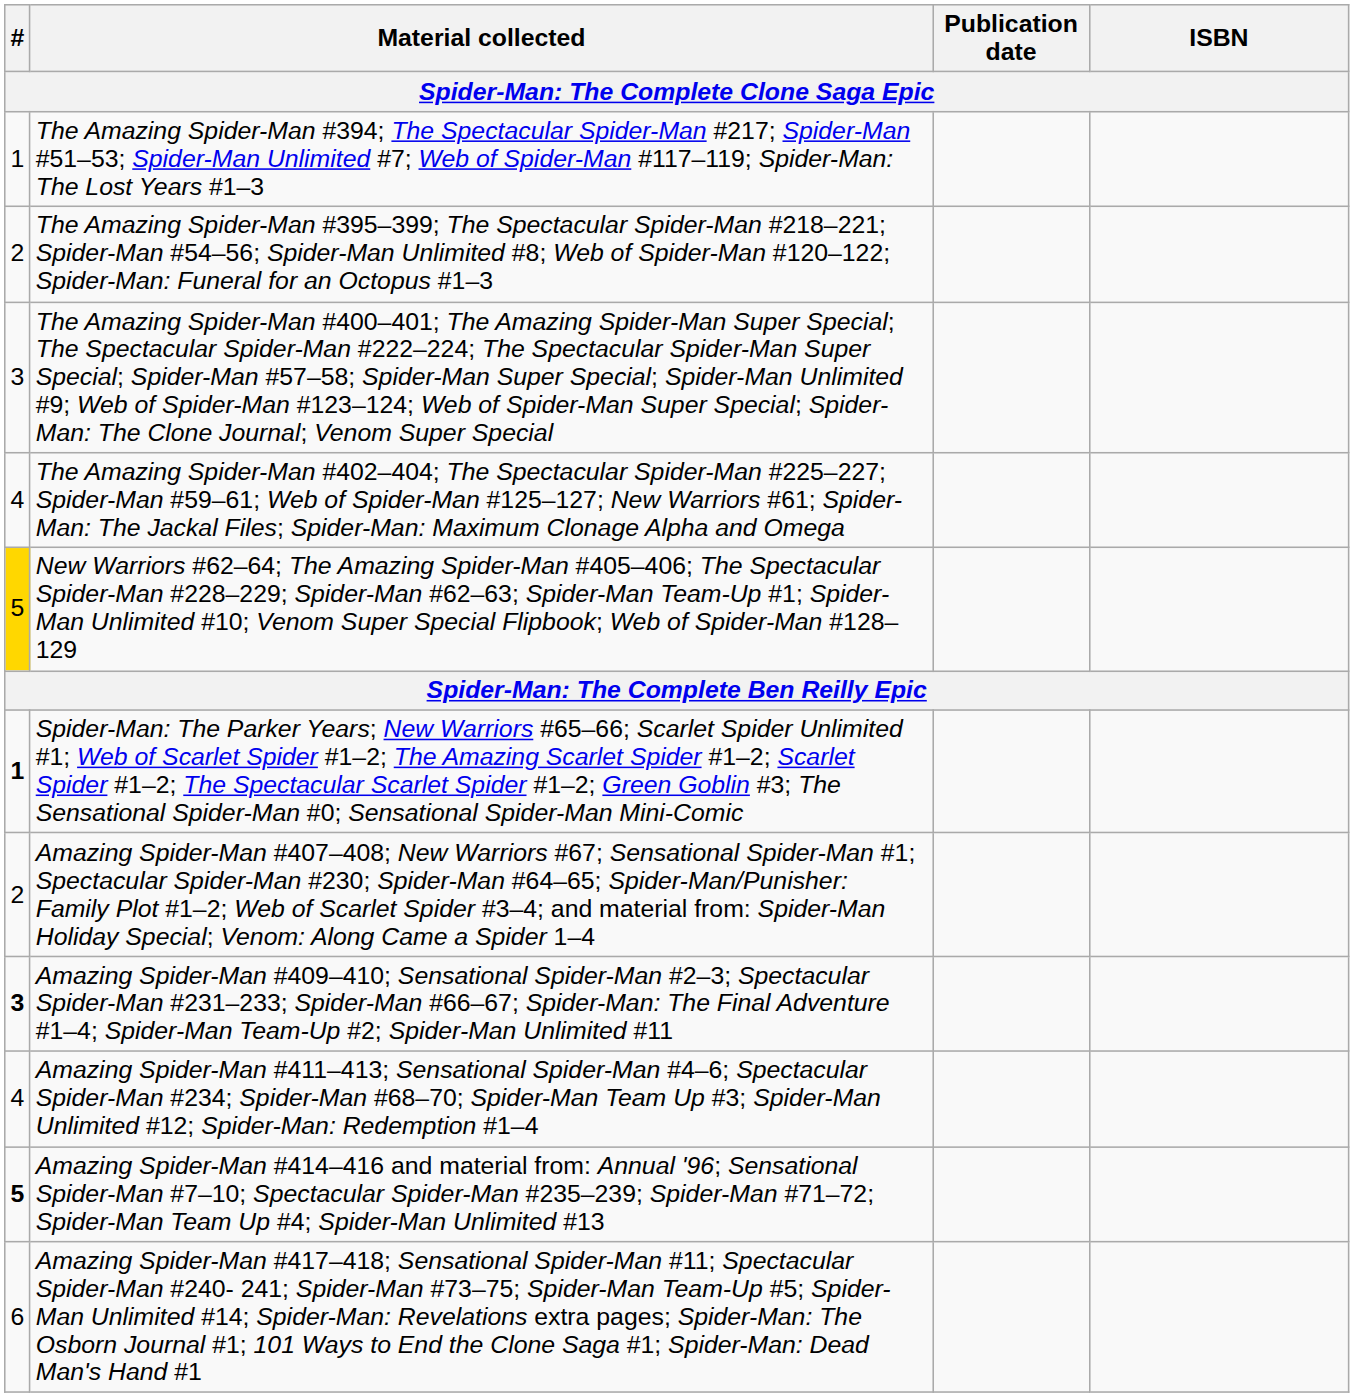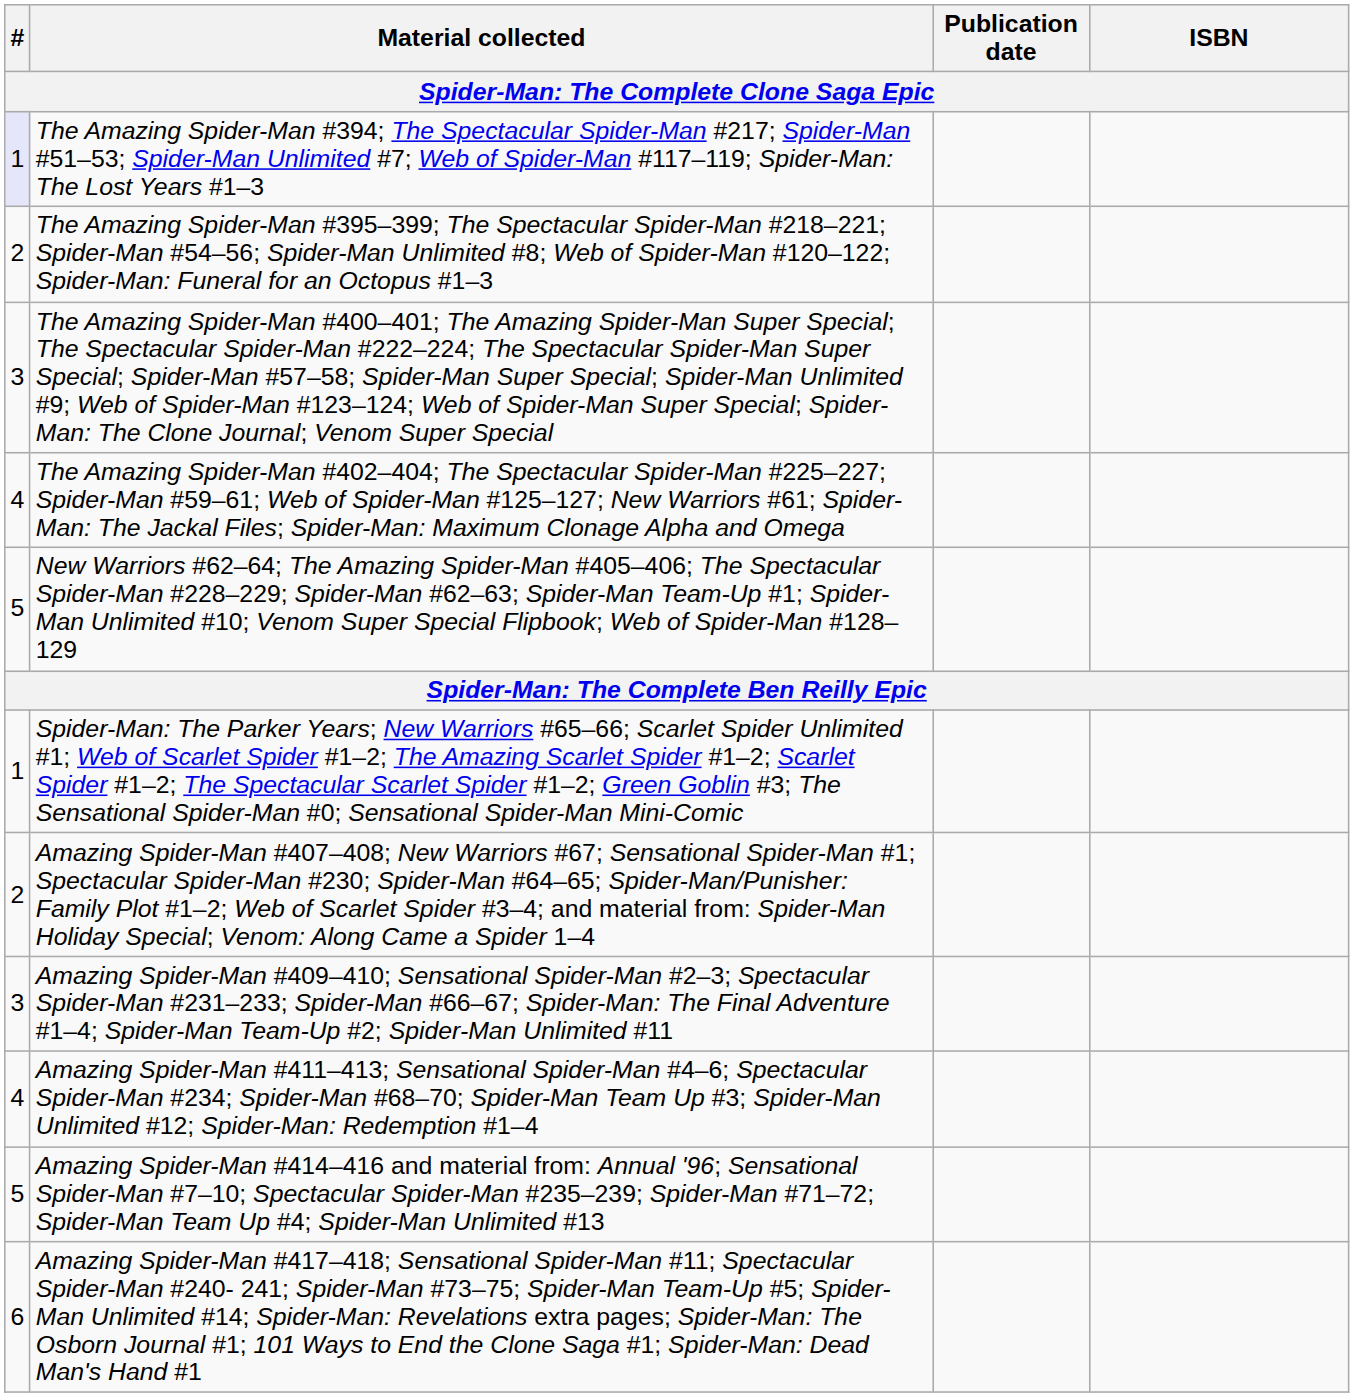 <table class="wikitable sortable">
 <tr>
 <th>#</th>
 <th class="unsortable">Material collected</th>
 <th>Publication date</th>
 <th style="width: 10em;" class="unsortable">ISBN</th>
 </tr>
 <tr>
 <th colspan="4"><strong><em><a href='#'>Spider-Man: The Complete Clone Saga Epic</a></em></strong></th>
 </tr>
 <tr>
-<td>1</td>
+<td style="background: lavender;">1</td>
 <td><em>The Amazing Spider-Man</em> #394; <em><a href='#'>The Spectacular Spider-Man</a></em> #217; <em><a href='#'>Spider-Man</a></em> #51–53; <em><a href='#'>Spider-Man Unlimited</a></em> #7; <em><a href='#'>Web of Spider-Man</a></em> #117–119; <em>Spider-Man: The Lost Years</em> #1–3</td>
 <td></td>
 <td></td>
 </tr>
 <tr>
 <td>2</td>
 <td><em>The Amazing Spider-Man</em> #395–399; <em>The Spectacular Spider-Man</em> #218–221; <em>Spider-Man</em> #54–56; <em>Spider-Man Unlimited</em> #8; <em>Web of Spider-Man</em> #120–122; <em>Spider-Man: Funeral for an Octopus</em> #1–3</td>
 <td></td>
 <td></td>
 </tr>
 <tr>
 <td>3</td>
 <td><em>The Amazing Spider-Man</em> #400–401; <em>The Amazing Spider-Man Super Special</em>; <em>The Spectacular Spider-Man</em> #222–224; <em>The Spectacular Spider-Man Super Special</em>; <em>Spider-Man</em> #57–58; <em>Spider-Man Super Special</em>; <em>Spider-Man Unlimited</em> #9; <em>Web of Spider-Man</em> #123–124; <em>Web of Spider-Man Super Special</em>; <em>Spider-Man: The Clone Journal</em>; <em>Venom Super Special</em></td>
 <td></td>
 <td></td>
 </tr>
 <tr>
 <td>4</td>
 <td><em>The Amazing Spider-Man</em> #402–404; <em>The Spectacular Spider-Man</em> #225–227; <em>Spider-Man</em> #59–61; <em>Web of Spider-Man</em> #125–127; <em>New Warriors</em> #61; <em>Spider-Man: The Jackal Files</em>; <em>Spider-Man: Maximum Clonage Alpha and Omega</em></td>
 <td></td>
 <td></td>
 </tr>
 <tr>
-<td style="background: gold;">5</td>
+<td>5</td>
 <td><em>New Warriors</em> #62–64; <em>The Amazing Spider-Man</em> #405–406; <em>The Spectacular Spider-Man</em> #228–229; <em>Spider-Man</em> #62–63; <em>Spider-Man Team-Up</em> #1; <em>Spider-Man Unlimited</em> #10; <em>Venom Super Special Flipbook</em>; <em>Web of Spider-Man</em> #128–129</td>
 <td></td>
 <td></td>
 </tr>
 <tr>
 <th colspan="4"><strong><em><a href='#'>Spider-Man: The Complete Ben Reilly Epic</a></em></strong></th>
 </tr>
 <tr>
-<td><strong>1</strong></td>
+<td>1</td>
 <td><em>Spider-Man: The Parker Years</em>; <em><a href='#'>New Warriors</a></em> #65–66; <em>Scarlet Spider Unlimited</em> #1; <em><a href='#'>Web of Scarlet Spider</a></em> #1–2; <em><a href='#'>The Amazing Scarlet Spider</a></em> #1–2; <em><a href='#'>Scarlet Spider</a></em> #1–2; <em><a href='#'>The Spectacular Scarlet Spider</a></em> #1–2; <em><a href='#'>Green Goblin</a></em> #3; <em>The Sensational Spider-Man</em> #0; <em>Sensational Spider-Man Mini-Comic</em></td>
 <td></td>
 <td></td>
 </tr>
 <tr>
 <td>2</td>
 <td><em>Amazing Spider-Man</em> #407–408; <em>New Warriors</em> #67; <em>Sensational Spider-Man</em> #1; <em>Spectacular Spider-Man</em> #230; <em>Spider-Man</em> #64–65; <em>Spider-Man/Punisher: Family Plot</em> #1–2; <em>Web of Scarlet Spider</em> #3–4; and material from: <em>Spider-Man Holiday Special</em>; <em>Venom: Along Came a Spider</em> 1–4</td>
 <td></td>
 <td></td>
 </tr>
 <tr>
-<td><strong>3</strong></td>
+<td>3</td>
 <td><em>Amazing Spider-Man</em> #409–410; <em>Sensational Spider-Man</em> #2–3; <em>Spectacular Spider-Man</em> #231–233; <em>Spider-Man</em> #66–67; <em>Spider-Man: The Final Adventure</em> #1–4; <em>Spider-Man Team-Up</em> #2; <em>Spider-Man Unlimited</em> #11</td>
 <td></td>
 <td></td>
 </tr>
 <tr>
 <td>4</td>
 <td><em>Amazing Spider-Man</em> #411–413; <em>Sensational Spider-Man</em> #4–6; <em>Spectacular Spider-Man</em> #234; <em>Spider-Man</em> #68–70; <em>Spider-Man Team Up</em> #3; <em>Spider-Man Unlimited</em> #12; <em>Spider-Man: Redemption</em> #1–4</td>
 <td></td>
 <td></td>
 </tr>
 <tr>
-<td><strong>5</strong></td>
+<td>5</td>
 <td><em>Amazing Spider-Man</em> #414–416 and material from: <em>Annual '96</em>; <em>Sensational Spider-Man</em> #7–10; <em>Spectacular Spider-Man</em> #235–239; <em>Spider-Man</em> #71–72; <em>Spider-Man Team Up</em> #4; <em>Spider-Man Unlimited</em> #13</td>
 <td></td>
 <td></td>
 </tr>
 <tr>
 <td>6</td>
 <td><em>Amazing Spider-Man</em> #417–418; <em>Sensational Spider-Man</em> #11; <em>Spectacular Spider-Man</em> #240- 241; <em>Spider-Man</em> #73–75; <em>Spider-Man Team-Up</em> #5; <em>Spider-Man Unlimited</em> #14; <em>Spider-Man: Revelations</em> extra pages; <em>Spider-Man: The Osborn Journal</em> #1; <em>101 Ways to End the Clone Saga</em> #1; <em>Spider-Man: Dead Man's Hand</em> #1</td>
 <td></td>
 <td></td>
 </tr>
 </table>
